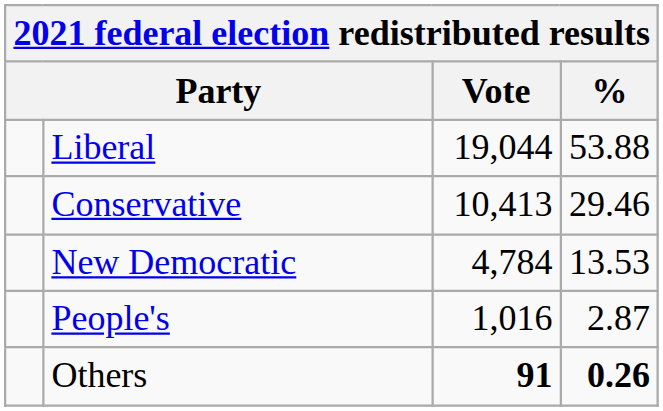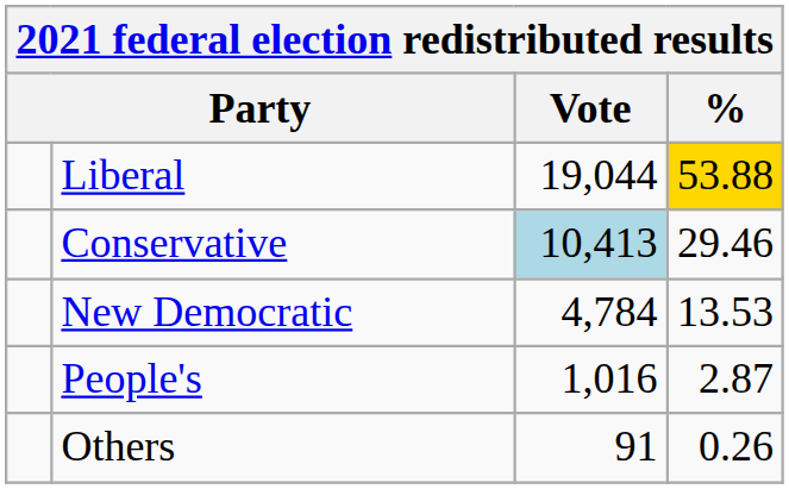 <table class="wikitable">
 <tr>
 <th colspan="4"><a href='#'>2021 federal election</a> redistributed results</th>
 </tr>
 <tr>
 <th bgcolor="#DDDDFF" width="130px" colspan="2">Party</th>
 <th bgcolor="#DDDDFF" width="50px">Vote</th>
 <th bgcolor="#DDDDFF" width="30px">%</th>
 </tr>
 <tr>
 <td> </td>
 <td><a href='#'>Liberal</a></td>
 <td align=right>19,044</td>
-<td align=right>53.88</td>
+<td align=right style="background: gold;">53.88</td>
 </tr>
 <tr>
 <td> </td>
 <td><a href='#'>Conservative</a></td>
-<td align=right>10,413</td>
+<td align=right style="background: lightblue;">10,413</td>
 <td align=right>29.46</td>
 </tr>
 <tr>
 <td> </td>
 <td><a href='#'>New Democratic</a></td>
 <td align=right>4,784</td>
 <td align=right>13.53</td>
 </tr>
 <tr>
 <td> </td>
 <td><a href='#'>People's</a></td>
 <td align=right>1,016</td>
 <td align=right>2.87</td>
 </tr>
 <tr>
 <td> </td>
 <td>Others</td>
-<td align=right><strong>91</strong></td>
-<td align=right><strong>0.26</strong></td>
+<td align=right>91</td>
+<td align=right>0.26</td>
 </tr>
 </table>
